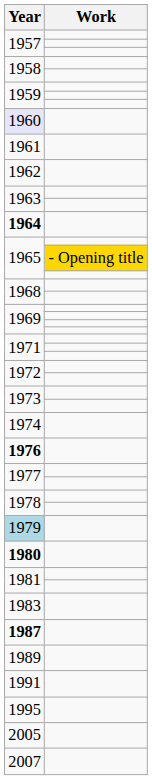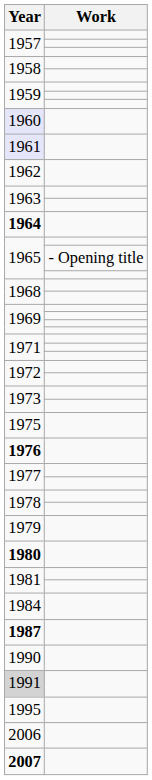 <table class="wikitable sortable">
 <tr>
 <th>Year</th>
 <th>Work</th>
 </tr>
 <tr>
 <td rowspan="3">1957</td>
 <td></td>
 </tr>
 <tr>
 <td></td>
 </tr>
 <tr>
 <td></td>
 </tr>
 <tr>
 <td rowspan="2">1958</td>
 <td></td>
 </tr>
 <tr>
 <td></td>
 </tr>
 <tr>
 <td rowspan="3">1959</td>
 <td></td>
 </tr>
 <tr>
 <td></td>
 </tr>
 <tr>
 <td></td>
 </tr>
 <tr>
 <td style="background: lavender;">1960</td>
 <td></td>
 </tr>
 <tr>
-<td>1961</td>
+<td style="background: lavender;">1961</td>
 <td></td>
 </tr>
 <tr>
 <td>1962</td>
 <td></td>
 </tr>
 <tr>
 <td rowspan="2">1963</td>
 <td></td>
 </tr>
 <tr>
 <td></td>
 </tr>
 <tr>
 <td><strong>1964</strong></td>
 <td></td>
 </tr>
 <tr>
 <td rowspan="3">1965</td>
 <td></td>
 </tr>
 <tr>
-<td style="background: gold;"> - Opening title</td>
+<td> - Opening title</td>
 </tr>
 <tr>
 <td></td>
 </tr>
 <tr>
 <td rowspan="2">1968</td>
 <td></td>
 </tr>
 <tr>
 <td></td>
 </tr>
 <tr>
 <td rowspan="4">1969</td>
 <td></td>
 </tr>
 <tr>
 <td></td>
 </tr>
 <tr>
 <td></td>
 </tr>
 <tr>
 <td></td>
 </tr>
 <tr>
 <td rowspan="3">1971</td>
 <td></td>
 </tr>
 <tr>
 <td></td>
 </tr>
 <tr>
 <td></td>
 </tr>
 <tr>
 <td rowspan="2">1972</td>
 <td></td>
 </tr>
 <tr>
 <td></td>
 </tr>
 <tr>
 <td rowspan="2">1973</td>
 <td></td>
 </tr>
 <tr>
 <td></td>
 </tr>
 <tr>
-<td>1974</td>
+<td>1975</td>
 <td></td>
 </tr>
 <tr>
 <td><strong>1976</strong></td>
 <td></td>
 </tr>
 <tr>
 <td rowspan="2">1977</td>
 <td></td>
 </tr>
 <tr>
 <td></td>
 </tr>
 <tr>
 <td rowspan="2">1978</td>
 <td></td>
 </tr>
 <tr>
 <td></td>
 </tr>
 <tr>
-<td style="background: lightblue;">1979</td>
+<td>1979</td>
 <td></td>
 </tr>
 <tr>
 <td><strong>1980</strong></td>
 <td></td>
 </tr>
 <tr>
 <td rowspan="2">1981</td>
 <td></td>
 </tr>
 <tr>
 <td></td>
 </tr>
 <tr>
-<td>1983</td>
+<td>1984</td>
 <td></td>
 </tr>
 <tr>
 <td><strong>1987</strong></td>
 <td></td>
 </tr>
 <tr>
-<td>1989</td>
+<td>1990</td>
 <td></td>
 </tr>
 <tr>
-<td>1991</td>
+<td style="background: lightgrey;">1991</td>
 <td></td>
 </tr>
 <tr>
 <td>1995</td>
 <td></td>
 </tr>
 <tr>
-<td>2005</td>
+<td>2006</td>
 <td></td>
 </tr>
 <tr>
-<td>2007</td>
+<td><strong>2007</strong></td>
 <td></td>
 </tr>
 </table>
